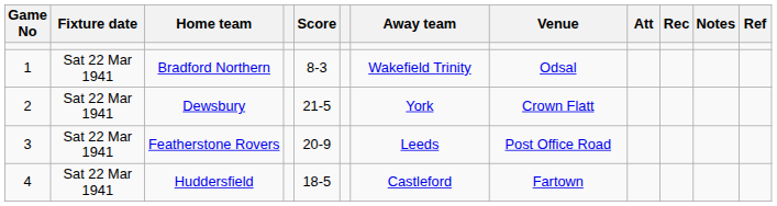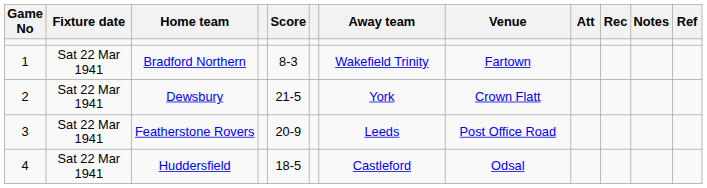 <table class="wikitable" style="text-align:center;">
 <tr>
 <th width=20 abbr="No">Game No</th>
 <th width=100 abbr="Date">Fixture date</th>
 <th width=150 abbr="Home team">Home team</th>
 <th width=5 abbr="space"></th>
 <th width=20 abbr="Score">Score</th>
 <th width=5 abbr="space"></th>
 <th width=150 abbr="Away team">Away team</th>
 <th width=150 abbr="Venue">Venue</th>
 <th width=30 abbr="Att">Att</th>
 <th width=30 abbr="Rec">Rec</th>
 <th width=20 abbr="Notes">Notes</th>
 <th width=30 abbr="Ref">Ref</th>
 </tr>
 <tr>
 <td></td>
 <td></td>
 <td></td>
 <td></td>
 <td></td>
 <td></td>
 <td></td>
 <td></td>
 <td></td>
 <td></td>
 <td></td>
 </tr>
 <tr>
 <td>1</td>
 <td>Sat 22 Mar 1941</td>
 <td><a href='#'>Bradford Northern</a></td>
 <td></td>
 <td>8-3</td>
 <td></td>
 <td><a href='#'>Wakefield Trinity</a></td>
-<td><a href='#'>Odsal</a></td>
+<td><a href='#'>Fartown</a></td>
 <td></td>
 <td></td>
 <td></td>
 <td></td>
 </tr>
 <tr>
 <td>2</td>
 <td>Sat 22 Mar 1941</td>
 <td><a href='#'>Dewsbury</a></td>
 <td></td>
 <td>21-5</td>
 <td></td>
 <td><a href='#'>York</a></td>
 <td><a href='#'>Crown Flatt</a></td>
 <td></td>
 <td></td>
 <td></td>
 <td></td>
 </tr>
 <tr>
 <td>3</td>
 <td>Sat 22 Mar 1941</td>
 <td><a href='#'>Featherstone Rovers</a></td>
 <td></td>
 <td>20-9</td>
 <td></td>
 <td><a href='#'>Leeds</a></td>
 <td><a href='#'>Post Office Road</a></td>
 <td></td>
 <td></td>
 <td></td>
 <td></td>
 </tr>
 <tr>
 <td>4</td>
 <td>Sat 22 Mar 1941</td>
 <td><a href='#'>Huddersfield</a></td>
 <td></td>
 <td>18-5</td>
 <td></td>
 <td><a href='#'>Castleford</a></td>
-<td><a href='#'>Fartown</a></td>
+<td><a href='#'>Odsal</a></td>
 <td></td>
 <td></td>
 <td></td>
 <td></td>
 </tr>
 </table>
